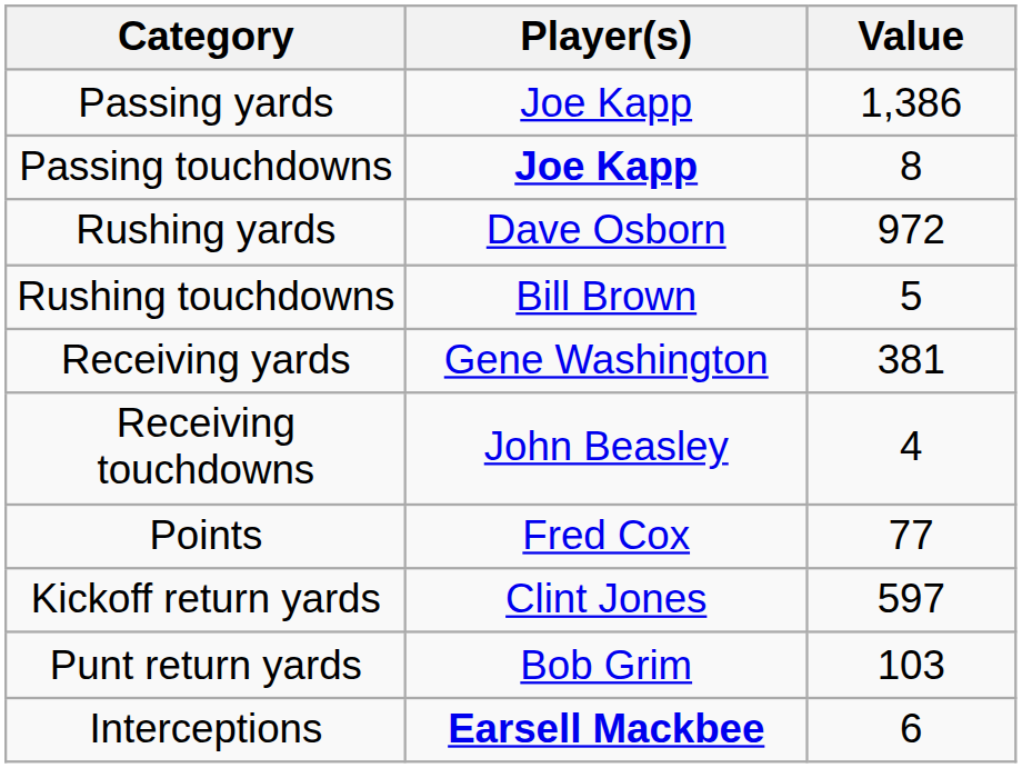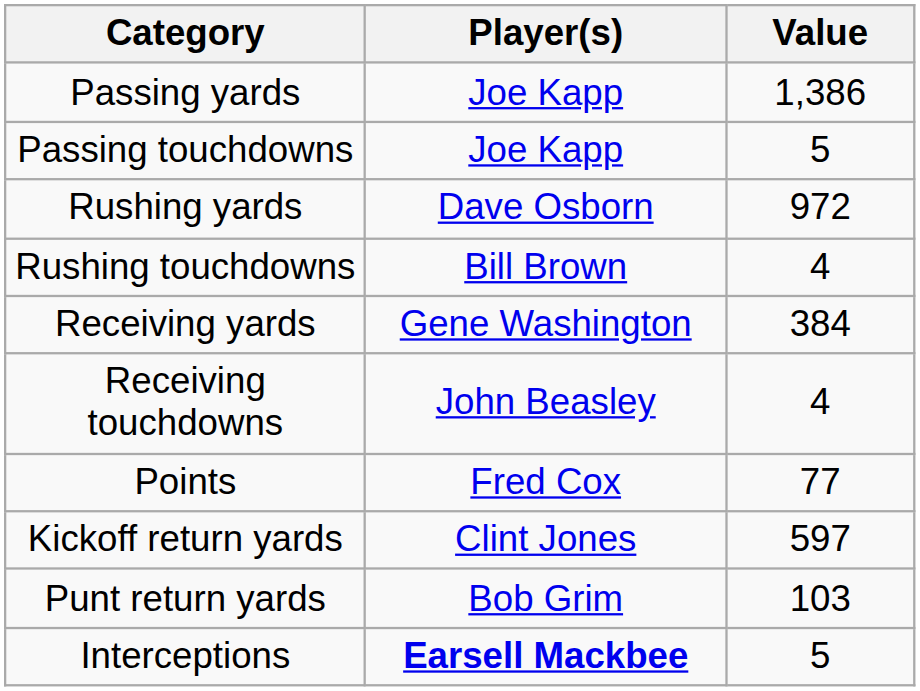 <table class="wikitable" style="text-align:center">
 <tr>
 <th width=150px>Category</th>
 <th width=150px>Player(s)</th>
 <th width=75px>Value</th>
 </tr>
 <tr>
 <td>Passing yards</td>
 <td><a href='#'>Joe Kapp</a></td>
 <td>1,386</td>
 </tr>
 <tr>
 <td>Passing touchdowns</td>
-<td><strong><a href='#'>Joe Kapp</a></strong></td>
-<td>8</td>
+<td><a href='#'>Joe Kapp</a></td>
+<td>5</td>
 </tr>
 <tr>
 <td>Rushing yards</td>
 <td><a href='#'>Dave Osborn</a></td>
 <td>972</td>
 </tr>
 <tr>
 <td>Rushing touchdowns</td>
 <td><a href='#'>Bill Brown</a></td>
-<td>5</td>
+<td>4</td>
 </tr>
 <tr>
 <td>Receiving yards</td>
 <td><a href='#'>Gene Washington</a></td>
-<td>381</td>
+<td>384</td>
 </tr>
 <tr>
 <td>Receiving touchdowns</td>
 <td><a href='#'>John Beasley</a></td>
 <td>4</td>
 </tr>
 <tr>
 <td>Points</td>
 <td><a href='#'>Fred Cox</a></td>
 <td>77</td>
 </tr>
 <tr>
 <td>Kickoff return yards</td>
 <td><a href='#'>Clint Jones</a></td>
 <td>597</td>
 </tr>
 <tr>
 <td>Punt return yards</td>
 <td><a href='#'>Bob Grim</a></td>
 <td>103</td>
 </tr>
 <tr>
 <td>Interceptions</td>
 <td><strong><a href='#'>Earsell Mackbee</a></strong></td>
-<td>6</td>
+<td>5</td>
 </tr>
 </table>
